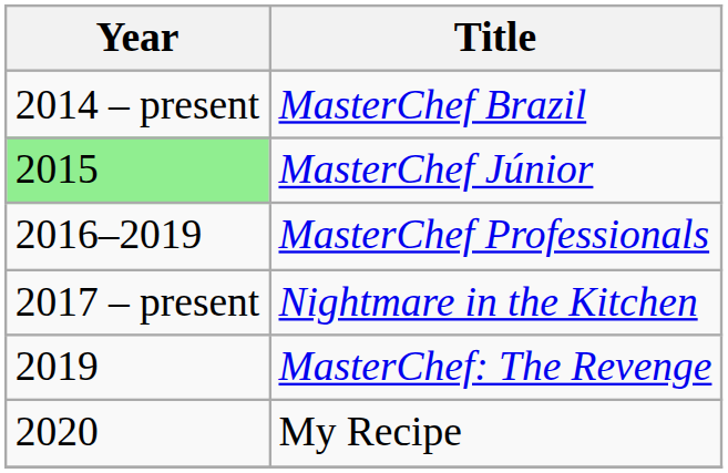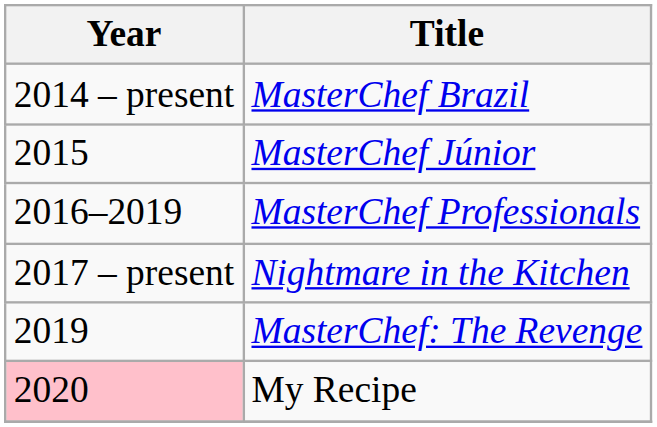 <table class = "wikitable">
 <tr>
 <th>Year</th>
 <th>Title</th>
 </tr>
 <tr>
 <td>2014 – present</td>
 <td><em> <a href='#'>MasterChef Brazil</a> </em></td>
 </tr>
 <tr>
-<td style="background: lightgreen;">2015</td>
+<td>2015</td>
 <td><em> <a href='#'>MasterChef Júnior</a> </em></td>
 </tr>
 <tr>
 <td>2016–2019</td>
 <td><em> <a href='#'>MasterChef Professionals</a> </em></td>
 </tr>
 <tr>
 <td>2017 – present</td>
 <td><em> <a href='#'>Nightmare in the Kitchen</a> </em></td>
 </tr>
 <tr>
 <td>2019</td>
 <td><em> <a href='#'>MasterChef: The Revenge</a> </em></td>
 </tr>
 <tr>
-<td>2020</td>
+<td style="background: pink;">2020</td>
 <td>My Recipe</td>
 </tr>
 <tr>
 </tr>
 </table>
